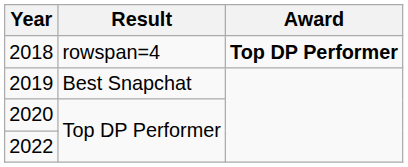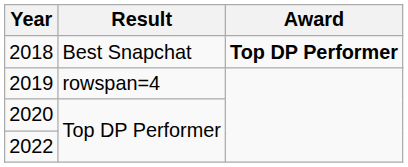 <table class="wikitable">
 <tr>
 <th>Year</th>
 <th>Result</th>
 <th>Award</th>
 </tr>
 <tr>
 <td>2018</td>
-<td>rowspan=4 </td>
+<td>Best Snapchat</td>
 <td><strong>Top DP Performer</strong></td>
 </tr>
 <tr>
 <td>2019</td>
-<td>Best Snapchat</td>
+<td>rowspan=4 </td>
 </tr>
 <tr>
 <td>2020</td>
 <td rowspan=2>Top DP Performer</td>
 </tr>
 <tr>
 <td>2022</td>
 </tr>
 </table>
